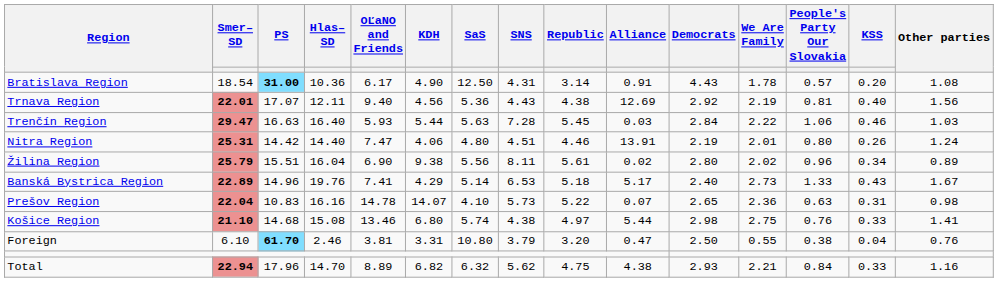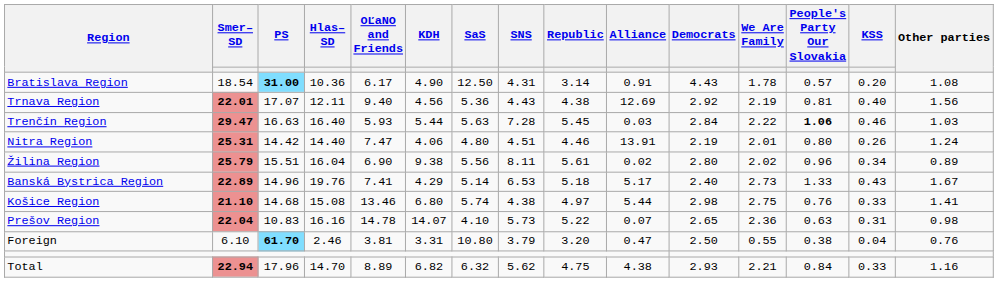 <table class="wikitable sortable nowrap" style="text-align:center;font-size:90%;line-height:14px">
 <tr>
 <th style="width:200px;" rowspan="2"><a href='#'>Region</a></th>
 <th style="width:40px;"><a href='#'>Smer–SD</a></th>
 <th style="width:40px;"><a href='#'>PS</a></th>
 <th style="width:40px;"><a href='#'>Hlas–SD</a></th>
 <th style="width:40px;"><a href='#'>OĽaNO<br>and Friends</a></th>
 <th style="width:40px;"><a href='#'>KDH</a></th>
 <th style="width:40px;"><a href='#'>SaS</a></th>
 <th style="width:40px;"><a href='#'>SNS</a></th>
 <th style="width:40px;"><a href='#'>Republic</a></th>
 <th style="width:40px;"><a href='#'>Alliance</a></th>
 <th style="width:40px;"><a href='#'>Democrats</a></th>
 <th style="width:40px;"><a href='#'>We Are<br>Family</a></th>
 <th style="width:40px;"><a href='#'>People's Party<br>Our Slovakia</a></th>
 <th style="width:40px;"><a href='#'>KSS</a></th>
 <th class="unsortable" style="width:40px;" rowspan="2">Other parties</th>
 </tr>
 <tr>
 <th style="background:"></th>
 <th style="background:"></th>
 <th style="background:"></th>
 <th style="background:"></th>
 <th style="background:"></th>
 <th style="background:"></th>
 <th style="background:"></th>
 <th style="background:"></th>
 <th style="background:"></th>
 <th style="background:"></th>
 <th style="background:"></th>
 <th style="background:"></th>
 <th style="background:"></th>
 </tr>
 <tr>
 <td align="left"><a href='#'>Bratislava Region</a></td>
 <td>18.54</td>
 <td style="background:#80deff;"><strong>31.00</strong></td>
 <td>10.36</td>
 <td>6.17</td>
 <td>4.90</td>
 <td>12.50</td>
 <td>4.31</td>
 <td>3.14</td>
 <td>0.91</td>
 <td>4.43</td>
 <td>1.78</td>
 <td>0.57</td>
 <td>0.20</td>
 <td>1.08</td>
 </tr>
 <tr>
 <td align="left"><a href='#'>Trnava Region</a></td>
 <td style="background:#ec9191;"><strong>22.01</strong></td>
 <td>17.07</td>
 <td>12.11</td>
 <td>9.40</td>
 <td>4.56</td>
 <td>5.36</td>
 <td>4.43</td>
 <td>4.38</td>
 <td>12.69</td>
 <td>2.92</td>
 <td>2.19</td>
 <td>0.81</td>
 <td>0.40</td>
 <td>1.56</td>
 </tr>
 <tr>
 <td align="left"><a href='#'>Trenčín Region</a></td>
 <td style="background:#ec9191;"><strong>29.47</strong></td>
 <td>16.63</td>
 <td>16.40</td>
 <td>5.93</td>
 <td>5.44</td>
 <td>5.63</td>
 <td>7.28</td>
 <td>5.45</td>
 <td>0.03</td>
 <td>2.84</td>
 <td>2.22</td>
-<td>1.06</td>
+<td><strong>1.06</strong></td>
 <td>0.46</td>
 <td>1.03</td>
 </tr>
 <tr>
 <td align="left"><a href='#'>Nitra Region</a></td>
 <td style="background:#ec9191;"><strong>25.31</strong></td>
 <td>14.42</td>
 <td>14.40</td>
 <td>7.47</td>
 <td>4.06</td>
 <td>4.80</td>
 <td>4.51</td>
 <td>4.46</td>
 <td>13.91</td>
 <td>2.19</td>
 <td>2.01</td>
 <td>0.80</td>
 <td>0.26</td>
 <td>1.24</td>
 </tr>
 <tr>
 <td align="left"><a href='#'>Žilina Region</a></td>
 <td style="background:#ec9191;"><strong>25.79</strong></td>
 <td>15.51</td>
 <td>16.04</td>
 <td>6.90</td>
 <td>9.38</td>
 <td>5.56</td>
 <td>8.11</td>
 <td>5.61</td>
 <td>0.02</td>
 <td>2.80</td>
 <td>2.02</td>
 <td>0.96</td>
 <td>0.34</td>
 <td>0.89</td>
 </tr>
 <tr>
 <td align="left"><a href='#'>Banská Bystrica Region</a></td>
 <td style="background:#ec9191;"><strong>22.89</strong></td>
 <td>14.96</td>
 <td>19.76</td>
 <td>7.41</td>
 <td>4.29</td>
 <td>5.14</td>
 <td>6.53</td>
 <td>5.18</td>
 <td>5.17</td>
 <td>2.40</td>
 <td>2.73</td>
 <td>1.33</td>
 <td>0.43</td>
 <td>1.67</td>
 </tr>
 <tr>
+<td align="left"><a href='#'>Košice Region</a></td>
+<td style="background:#ec9191;"><strong>21.10</strong></td>
+<td>14.68</td>
+<td>15.08</td>
+<td>13.46</td>
+<td>6.80</td>
+<td>5.74</td>
+<td>4.38</td>
+<td>4.97</td>
+<td>5.44</td>
+<td>2.98</td>
+<td>2.75</td>
+<td>0.76</td>
+<td>0.33</td>
+<td>1.41</td>
+</tr>
+<tr>
 <td align="left"><a href='#'>Prešov Region</a></td>
 <td style="background:#ec9191;"><strong>22.04</strong></td>
 <td>10.83</td>
 <td>16.16</td>
 <td>14.78</td>
 <td>14.07</td>
 <td>4.10</td>
 <td>5.73</td>
 <td>5.22</td>
 <td>0.07</td>
 <td>2.65</td>
 <td>2.36</td>
 <td>0.63</td>
 <td>0.31</td>
 <td>0.98</td>
-</tr>
-<tr>
-<td align="left"><a href='#'>Košice Region</a></td>
-<td style="background:#ec9191;"><strong>21.10</strong></td>
-<td>14.68</td>
-<td>15.08</td>
-<td>13.46</td>
-<td>6.80</td>
-<td>5.74</td>
-<td>4.38</td>
-<td>4.97</td>
-<td>5.44</td>
-<td>2.98</td>
-<td>2.75</td>
-<td>0.76</td>
-<td>0.33</td>
-<td>1.41</td>
 </tr>
 <tr>
 <td align="left">Foreign</td>
 <td>6.10</td>
 <td style="background:#80deff;"><strong>61.70</strong></td>
 <td>2.46</td>
 <td>3.81</td>
 <td>3.31</td>
 <td>10.80</td>
 <td>3.79</td>
 <td>3.20</td>
 <td>0.47</td>
 <td>2.50</td>
 <td>0.55</td>
 <td>0.38</td>
 <td>0.04</td>
 <td>0.76</td>
 </tr>
 <tr>
 <td colspan=10></td>
 </tr>
 <tr>
 <td align="left">Total</td>
 <td style="background:#ec9191;"><strong>22.94</strong></td>
 <td>17.96</td>
 <td>14.70</td>
 <td>8.89</td>
 <td>6.82</td>
 <td>6.32</td>
 <td>5.62</td>
 <td>4.75</td>
 <td>4.38</td>
 <td>2.93</td>
 <td>2.21</td>
 <td>0.84</td>
 <td>0.33</td>
 <td>1.16</td>
 </tr>
 </table>
